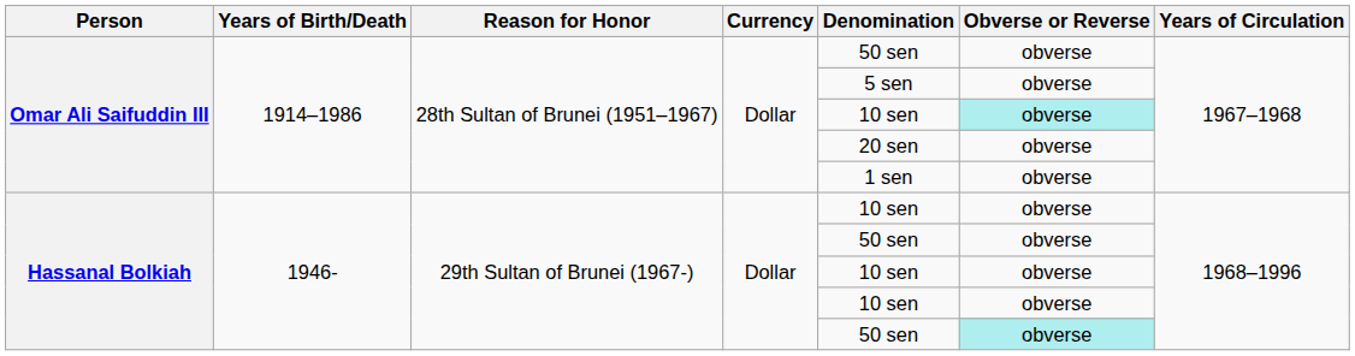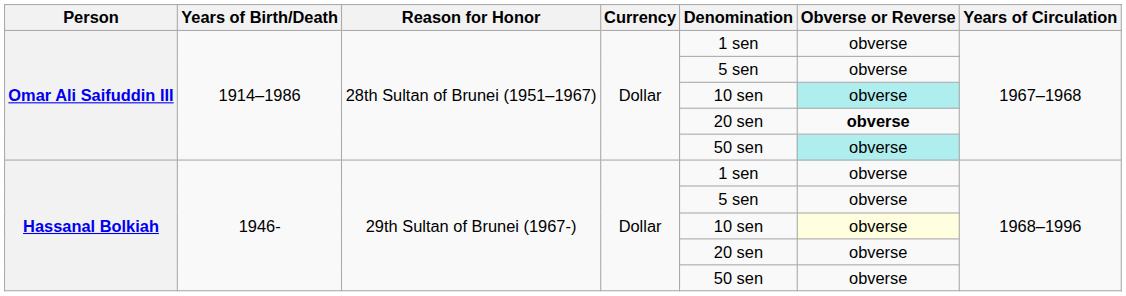 <table class="wikitable" style="font-size:95%; text-align:center;">
 <tr>
 <th>Person</th>
 <th>Years of Birth/Death</th>
 <th>Reason for Honor</th>
 <th>Currency</th>
 <th>Denomination</th>
 <th>Obverse or Reverse</th>
 <th>Years of Circulation</th>
 </tr>
 <tr>
 <th rowspan="5"><a href='#'>Omar Ali Saifuddin III</a></th>
 <td rowspan="5">1914–1986</td>
 <td rowspan="5">28th Sultan of Brunei (1951–1967)</td>
 <td rowspan="5">Dollar</td>
-<td>50 sen</td>
+<td>1 sen</td>
 <td>obverse</td>
 <td rowspan="5">1967–1968</td>
 </tr>
 <tr>
 <td>5 sen</td>
 <td>obverse</td>
 </tr>
 <tr>
 <td>10 sen</td>
 <td style="background: paleturquoise;">obverse</td>
 </tr>
 <tr>
 <td>20 sen</td>
-<td>obverse</td>
+<td><strong>obverse</strong></td>
 </tr>
 <tr>
-<td>1 sen</td>
-<td>obverse</td>
+<td>50 sen</td>
+<td style="background: paleturquoise;">obverse</td>
 </tr>
 <tr>
 <th rowspan="5"><a href='#'>Hassanal Bolkiah</a></th>
 <td rowspan="5">1946-</td>
 <td rowspan="5">29th Sultan of Brunei (1967-)</td>
 <td rowspan="5">Dollar</td>
-<td>10 sen</td>
+<td>1 sen</td>
 <td>obverse</td>
 <td rowspan="5">1968–1996</td>
+</tr>
+<tr>
+<td>5 sen</td>
+<td>obverse</td>
+</tr>
+<tr>
+<td>10 sen</td>
+<td style="background: lightyellow;">obverse</td>
+</tr>
+<tr>
+<td>20 sen</td>
+<td>obverse</td>
 </tr>
 <tr>
 <td>50 sen</td>
 <td>obverse</td>
 </tr>
-<tr>
-<td>10 sen</td>
-<td>obverse</td>
-</tr>
-<tr>
-<td>10 sen</td>
-<td>obverse</td>
-</tr>
-<tr>
-<td>50 sen</td>
-<td style="background: paleturquoise;">obverse</td>
-</tr>
 </table>
